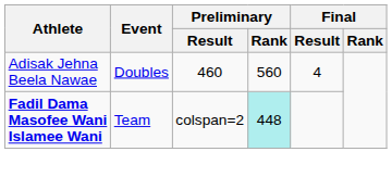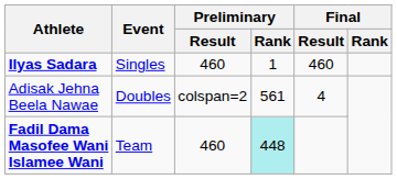 <table class=wikitable style="font-size:90%">
 <tr>
 <th rowspan="2">Athlete</th>
 <th rowspan="2">Event</th>
 <th colspan="2">Preliminary</th>
 <th colspan="2">Final</th>
 </tr>
 <tr>
 <th>Result</th>
 <th>Rank</th>
 <th>Result</th>
 <th>Rank</th>
 </tr>
 <tr>
+<td><strong><a href='#'>Ilyas Sadara</a></strong></td>
+<td><a href='#'>Singles</a></td>
+<td align=center>460</td>
+<td align=center>1</td>
+<td align=center>460</td>
+<td align=center></td>
+</tr>
+<tr>
 <td><a href='#'>Adisak Jehna</a> <br> <a href='#'>Beela Nawae</a></td>
 <td><a href='#'>Doubles</a></td>
-<td align=center>460</td>
-<td align=center>560</td>
+<td>colspan=2 </td>
+<td align=center>561</td>
 <td align=center>4</td>
 </tr>
 <tr>
 <td><strong><a href='#'>Fadil Dama</a> <br> <a href='#'>Masofee Wani</a> <br> <a href='#'>Islamee Wani</a></strong></td>
 <td><a href='#'>Team</a></td>
-<td>colspan=2 </td>
+<td align=center>460</td>
 <td align=center style="background: paleturquoise;">448</td>
 <td align=center></td>
 </tr>
 </table>
